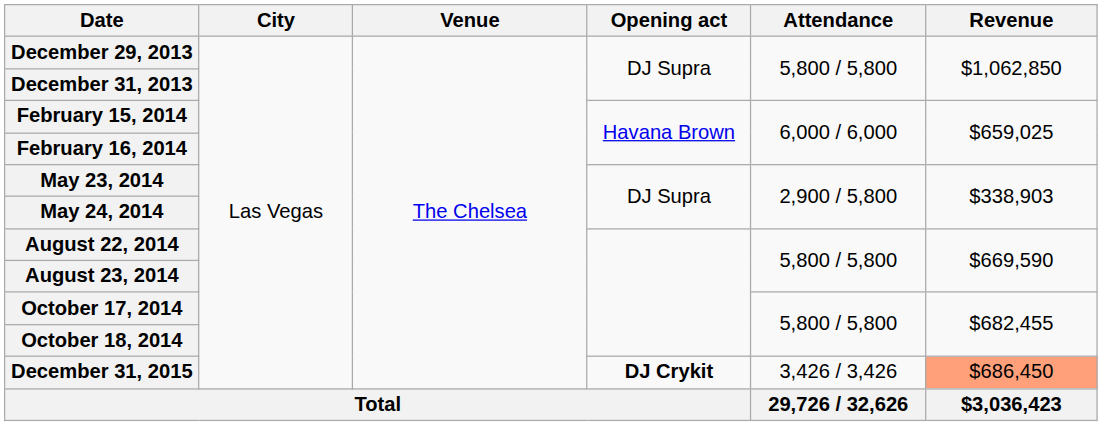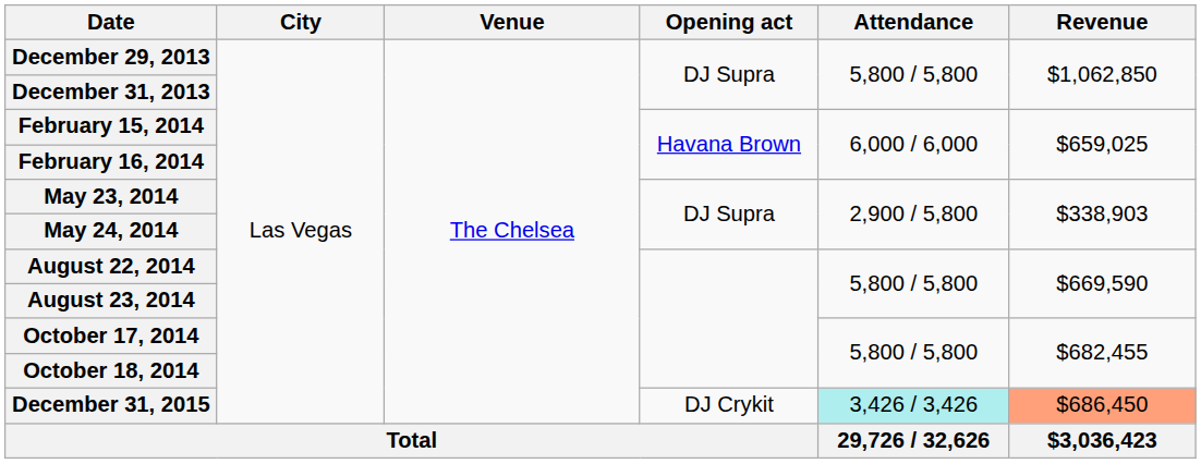 <table class="wikitable plainrowheaders" style="text-align:center;">
 <tr>
 <th scope="col" style="width:12em;">Date</th>
 <th scope="col" style="width:10em;">City</th>
 <th scope="col" style="width:16em;">Venue</th>
 <th scope="col" style="width:10em;">Opening act</th>
 <th scope="col" style="width:10em;">Attendance</th>
 <th scope="col" style="width:10em;">Revenue</th>
 </tr>
 <tr>
 <th scope="row">December 29, 2013</th>
 <td rowspan="11">Las Vegas</td>
 <td rowspan="11"><a href='#'>The Chelsea</a></td>
 <td rowspan="2">DJ Supra</td>
 <td rowspan="2">5,800 / 5,800</td>
 <td rowspan="2">$1,062,850</td>
 </tr>
 <tr>
 <th scope="row">December 31, 2013</th>
 </tr>
 <tr>
 <th scope="row">February 15, 2014</th>
 <td rowspan="2"><a href='#'>Havana Brown</a></td>
 <td rowspan="2">6,000 / 6,000</td>
 <td rowspan="2">$659,025</td>
 </tr>
 <tr>
 <th scope="row">February 16, 2014</th>
 </tr>
 <tr>
 <th scope="row">May 23, 2014</th>
 <td rowspan="2">DJ Supra</td>
 <td rowspan="2">2,900 / 5,800</td>
 <td rowspan="2">$338,903</td>
 </tr>
 <tr>
 <th scope="row">May 24, 2014</th>
 </tr>
 <tr>
 <th scope="row">August 22, 2014</th>
 <td rowspan="4"></td>
 <td rowspan="2">5,800 / 5,800</td>
 <td rowspan="2">$669,590</td>
 </tr>
 <tr>
 <th scope="row">August 23, 2014</th>
 </tr>
 <tr>
 <th scope="row">October 17, 2014</th>
 <td rowspan="2">5,800 / 5,800</td>
 <td rowspan="2">$682,455</td>
 </tr>
 <tr>
 <th scope="row">October 18, 2014</th>
 </tr>
 <tr>
 <th scope="row">December 31, 2015</th>
-<td><strong>DJ Crykit</strong></td>
-<td>3,426 / 3,426</td>
+<td>DJ Crykit</td>
+<td style="background: paleturquoise;">3,426 / 3,426</td>
 <td style="background: lightsalmon;">$686,450</td>
 </tr>
 <tr>
 <th colspan="4">Total</th>
 <th>29,726 / 32,626</th>
 <th>$3,036,423</th>
 </tr>
 </table>
